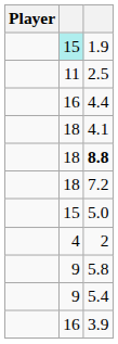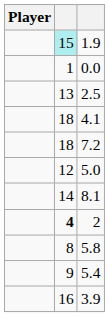 <table class="wikitable sortable" style="font-size:95%; text-align:right;">
 <tr>
 <th>Player</th>
 <th></th>
 <th></th>
 </tr>
 <tr>
 <td><strong></strong></td>
 <td style="background: paleturquoise;">15</td>
 <td>1.9</td>
 </tr>
 <tr>
 <td><strong></strong></td>
-<td>11</td>
-<td>2.5</td>
+<td>1</td>
+<td>0.0</td>
 </tr>
 <tr>
 <td><strong></strong></td>
-<td>16</td>
-<td>4.4</td>
+<td>13</td>
+<td>2.5</td>
 </tr>
 <tr>
 <td><strong></strong></td>
 <td>18</td>
 <td>4.1</td>
 </tr>
 <tr>
 <td><strong></strong></td>
 <td>18</td>
-<td><strong>8.8</strong></td>
-</tr>
-<tr>
-<td><strong></strong></td>
-<td>18</td>
 <td>7.2</td>
 </tr>
 <tr>
 <td><strong></strong></td>
-<td>15</td>
+<td>12</td>
 <td>5.0</td>
 </tr>
 <tr>
 <td><strong></strong></td>
-<td>4</td>
+<td>14</td>
+<td>8.1</td>
+</tr>
+<tr>
+<td><strong></strong></td>
+<td><strong>4</strong></td>
 <td>2</td>
 </tr>
 <tr>
 <td><strong></strong></td>
-<td>9</td>
+<td>8</td>
 <td>5.8</td>
 </tr>
 <tr>
 <td><strong></strong></td>
 <td>9</td>
 <td>5.4</td>
 </tr>
 <tr>
 <td><strong></strong></td>
 <td>16</td>
 <td>3.9</td>
 </tr>
 <tr>
 </tr>
 </table>
